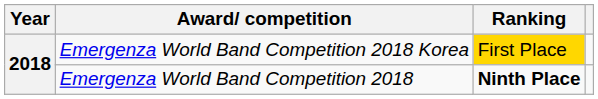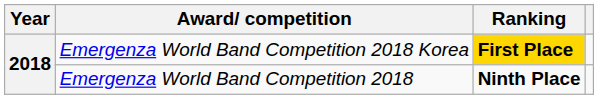 <table class="wikitable">
 <tr>
 <th>Year</th>
 <th>Award/ competition</th>
 <th>Ranking</th>
 <th class="unsortable"></th>
 </tr>
 <tr>
 <th scope="row" rowspan="2">2018</th>
 <td><em><a href='#'>Emergenza</a> World Band Competition 2018 Korea</em></td>
-<td bgcolor=Gold>First Place</td>
+<td bgcolor=Gold><strong>First Place</strong></td>
 <td></td>
 </tr>
 <tr>
 <td><em><a href='#'>Emergenza</a> World Band Competition 2018</em></td>
 <td><strong>Ninth Place</strong></td>
 <td></td>
 </tr>
 </table>
